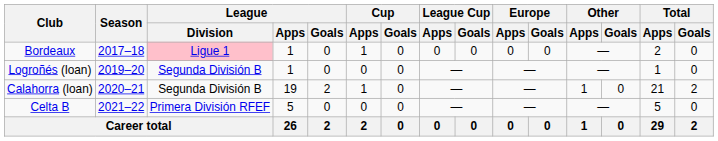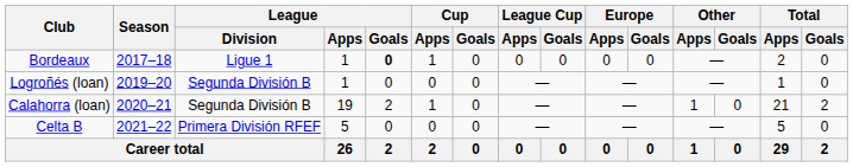 <table class="wikitable" style="text-align: center">
 <tr>
 <th rowspan="2">Club</th>
 <th rowspan="2">Season</th>
 <th colspan="3">League</th>
 <th colspan="2">Cup</th>
 <th colspan="2">League Cup</th>
 <th colspan="2">Europe</th>
 <th colspan="2">Other</th>
 <th colspan="2">Total</th>
 </tr>
 <tr>
 <th>Division</th>
 <th>Apps</th>
 <th>Goals</th>
 <th>Apps</th>
 <th>Goals</th>
 <th>Apps</th>
 <th>Goals</th>
 <th>Apps</th>
 <th>Goals</th>
 <th>Apps</th>
 <th>Goals</th>
 <th>Apps</th>
 <th>Goals</th>
 </tr>
 <tr>
 <td><a href='#'>Bordeaux</a></td>
 <td><a href='#'>2017–18</a></td>
-<td style="background: pink;"><a href='#'>Ligue 1</a></td>
+<td><a href='#'>Ligue 1</a></td>
 <td>1</td>
-<td>0</td>
+<td><strong>0</strong></td>
 <td>1</td>
 <td>0</td>
 <td>0</td>
 <td>0</td>
 <td>0</td>
 <td>0</td>
 <td colspan=2>—</td>
 <td>2</td>
 <td>0</td>
 </tr>
 <tr>
 <td><a href='#'>Logroñés</a> (loan)</td>
 <td><a href='#'>2019–20</a></td>
 <td><a href='#'>Segunda División B</a></td>
 <td>1</td>
 <td>0</td>
 <td>0</td>
 <td>0</td>
 <td colspan="2">—</td>
 <td colspan="2">—</td>
 <td colspan="2">—</td>
 <td>1</td>
 <td>0</td>
 </tr>
 <tr>
 <td><a href='#'>Calahorra</a> (loan)</td>
 <td><a href='#'>2020–21</a></td>
 <td>Segunda División B</td>
 <td>19</td>
 <td>2</td>
 <td>1</td>
 <td>0</td>
 <td colspan="2">—</td>
 <td colspan="2">—</td>
 <td>1</td>
 <td>0</td>
 <td>21</td>
 <td>2</td>
 </tr>
 <tr>
 <td><a href='#'>Celta B</a></td>
 <td><a href='#'>2021–22</a></td>
 <td><a href='#'>Primera División RFEF</a></td>
 <td>5</td>
 <td>0</td>
 <td>0</td>
 <td>0</td>
 <td colspan="2">—</td>
 <td colspan="2">—</td>
 <td colspan="2">—</td>
 <td>5</td>
 <td>0</td>
 </tr>
 <tr>
 <th colspan="3">Career total</th>
 <th>26</th>
 <th>2</th>
 <th>2</th>
 <th>0</th>
 <th>0</th>
 <th>0</th>
 <th>0</th>
 <th>0</th>
 <th>1</th>
 <th>0</th>
 <th>29</th>
 <th>2</th>
 </tr>
 </table>
